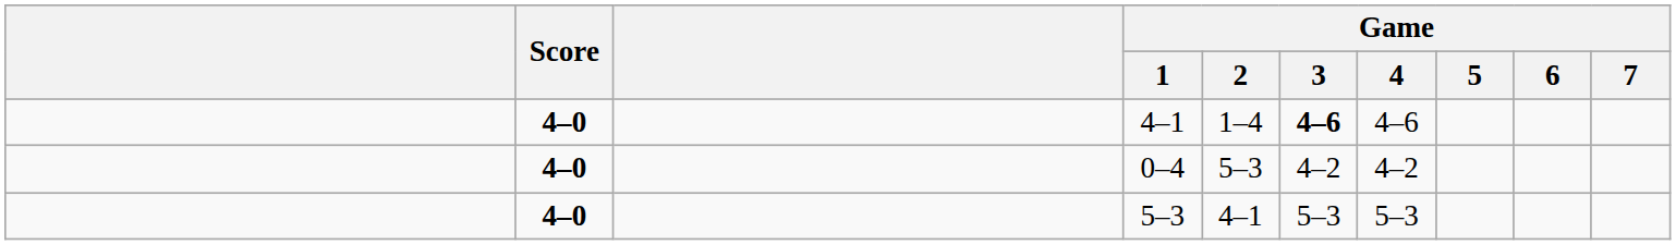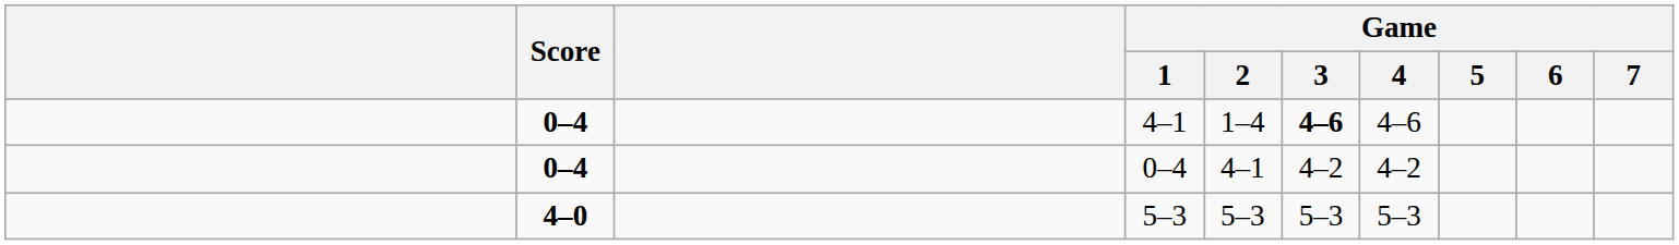 <table class="wikitable" style="text-align: center;">
 <tr>
 <th rowspan=2 align="right" width="270"></th>
 <th rowspan=2 width="45">Score</th>
 <th rowspan=2 align="left" width="270"></th>
 <th colspan=7>Game</th>
 </tr>
 <tr>
 <th width="35">1</th>
 <th width="35">2</th>
 <th width="35">3</th>
 <th width="35">4</th>
 <th width="35">5</th>
 <th width="35">6</th>
 <th width="35">7</th>
 </tr>
 <tr>
 <td align=left></td>
-<td align=center><strong>4–0</strong></td>
+<td align=center><strong>0–4</strong></td>
 <td align=left><strong></strong></td>
 <td>4–1</td>
 <td>1–4</td>
 <td><strong>4–6</strong></td>
 <td>4–6</td>
 <td></td>
 <td></td>
 <td></td>
 </tr>
 <tr>
 <td align=left><strong></strong></td>
-<td align=center><strong>4–0</strong></td>
+<td align=center><strong>0–4</strong></td>
 <td align=left></td>
 <td>0–4</td>
-<td>5–3</td>
+<td>4–1</td>
 <td>4–2</td>
 <td>4–2</td>
 <td></td>
 <td></td>
 <td></td>
 </tr>
 <tr>
 <td align=left><strong></strong></td>
 <td align=center><strong>4–0</strong></td>
 <td align=left></td>
 <td>5–3</td>
-<td>4–1</td>
+<td>5–3</td>
 <td>5–3</td>
 <td>5–3</td>
 <td></td>
 <td></td>
 <td></td>
 </tr>
 </table>
